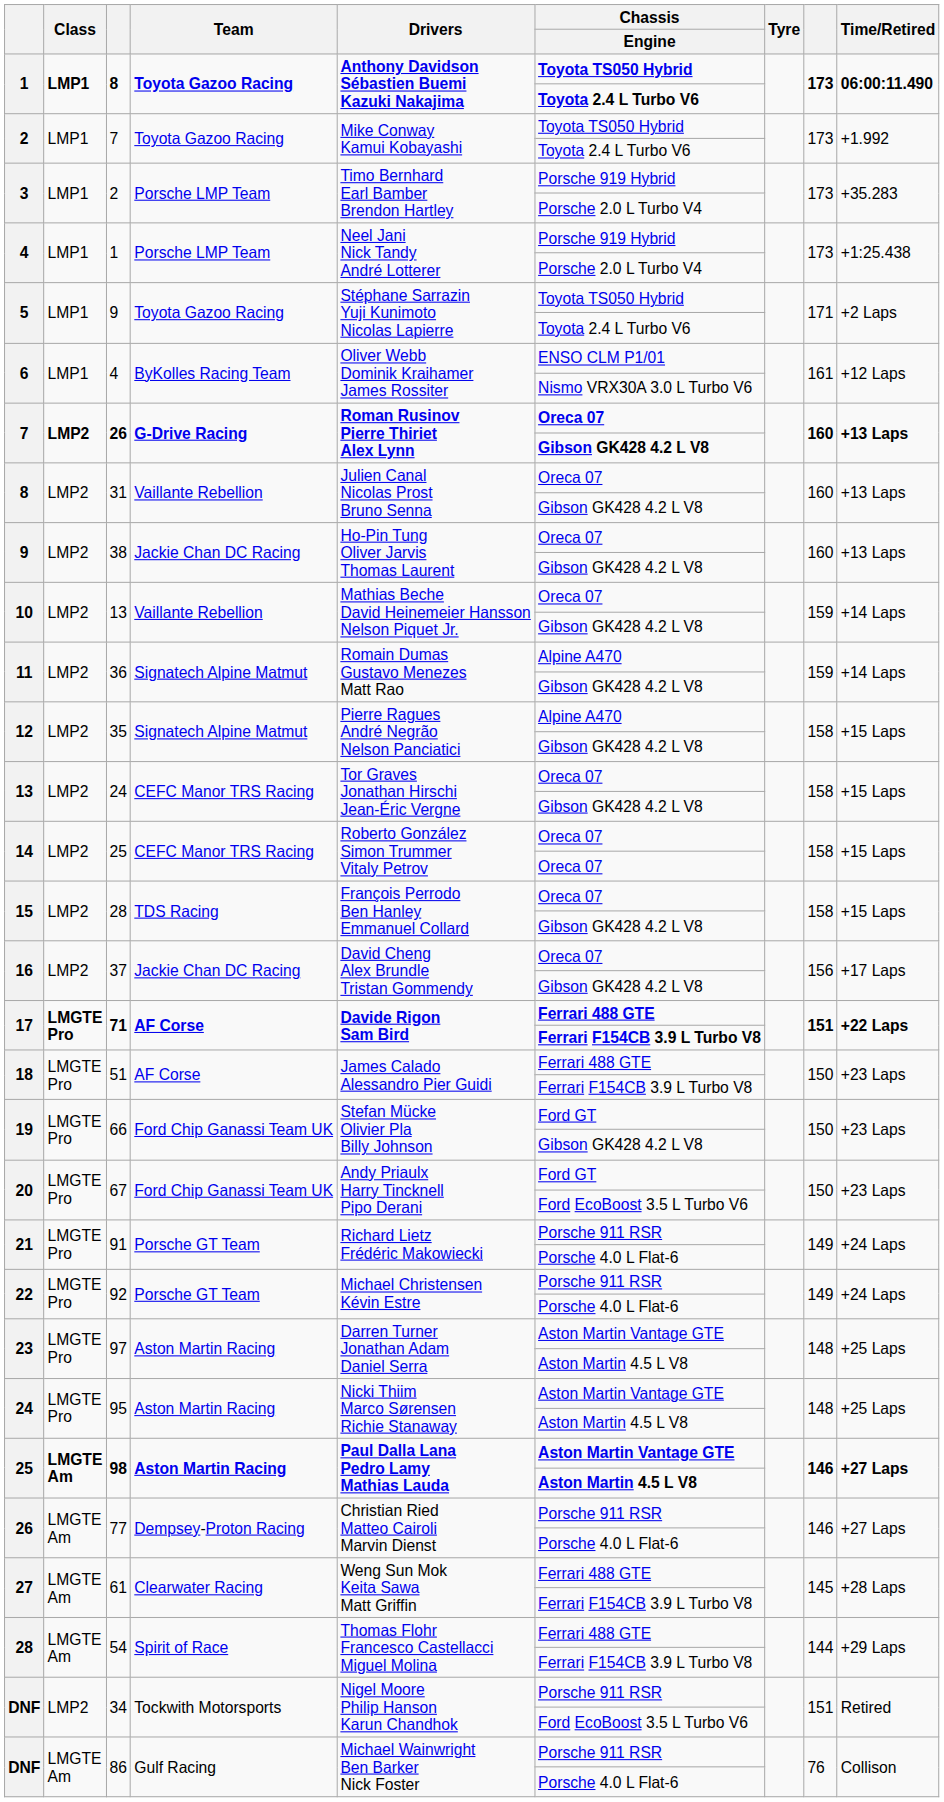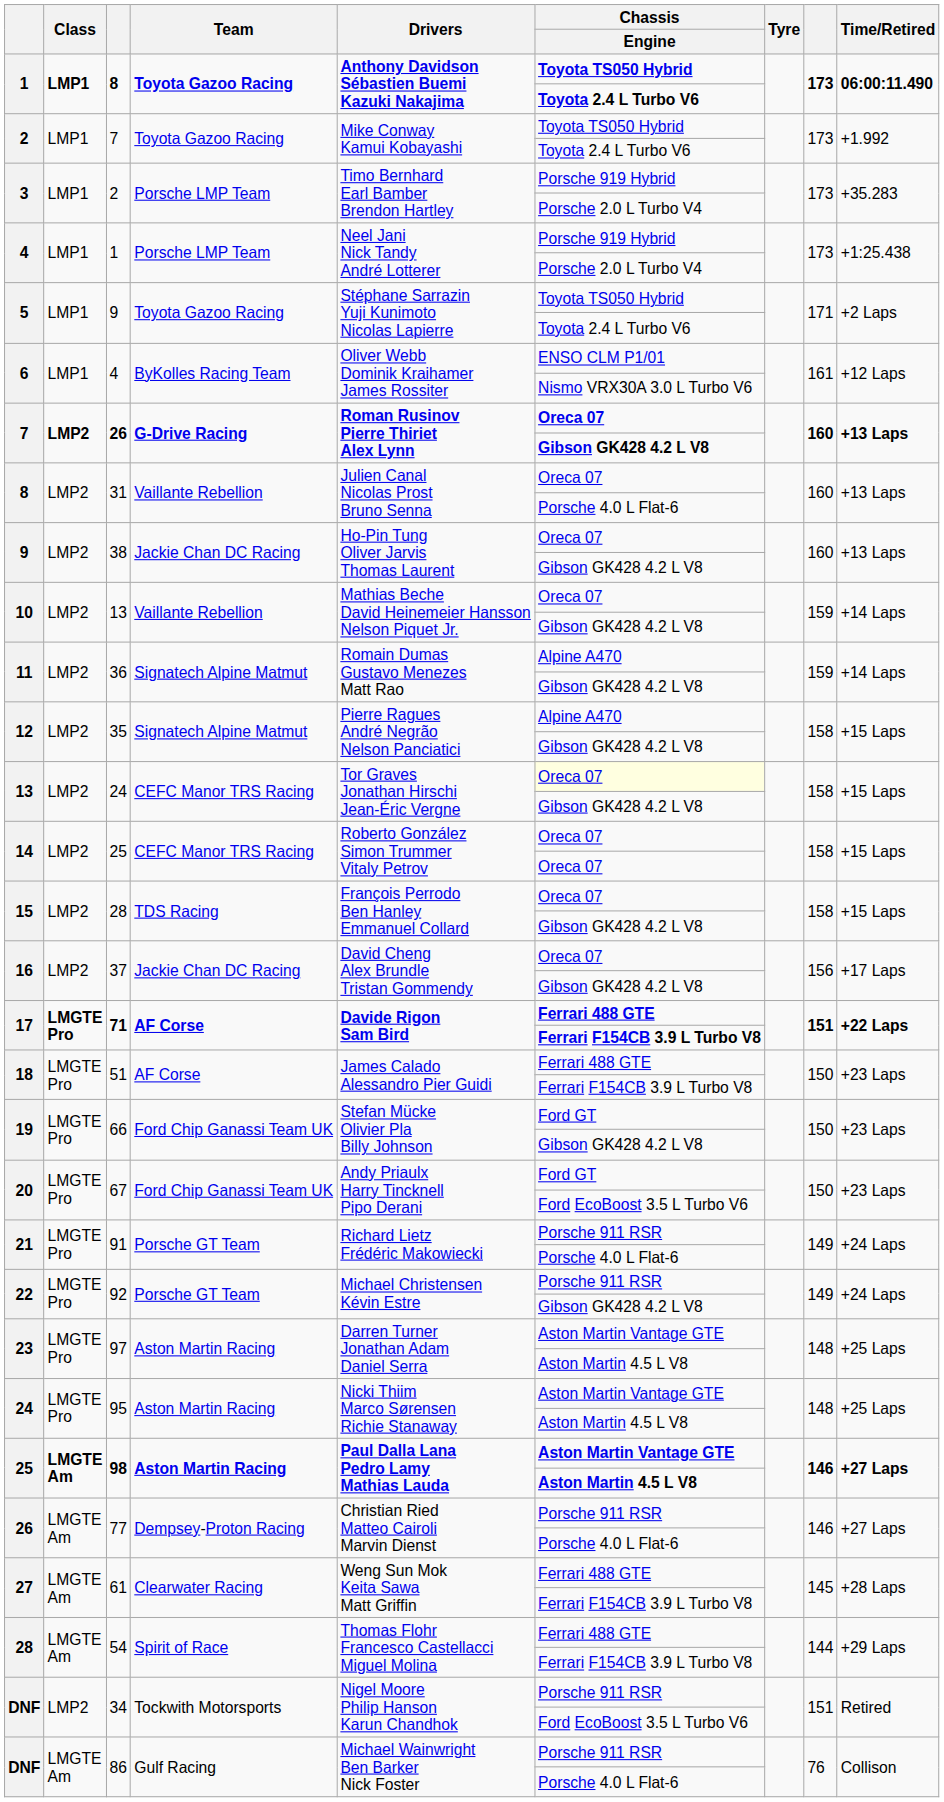 <table class="wikitable" style="font-size: 95%;">
 <tr>
 <th rowspan=2></th>
 <th rowspan=2>Class</th>
 <th rowspan=2></th>
 <th rowspan=2>Team</th>
 <th rowspan=2>Drivers</th>
 <th scope="col">Chassis</th>
 <th rowspan=2>Tyre</th>
 <th rowspan=2></th>
 <th rowspan=2>Time/Retired</th>
 </tr>
 <tr>
 <th>Engine</th>
 </tr>
 <tr style="font-weight:bold">
 <th rowspan=2>1</th>
 <td rowspan=2>LMP1</td>
 <td rowspan=2>8</td>
 <td rowspan=2> <a href='#'>Toyota Gazoo Racing</a></td>
 <td rowspan=2> <a href='#'>Anthony Davidson</a><br> <a href='#'>Sébastien Buemi</a><br> <a href='#'>Kazuki Nakajima</a></td>
 <td><a href='#'>Toyota TS050 Hybrid</a></td>
 <td rowspan=2></td>
 <td rowspan=2>173</td>
 <td rowspan=2>06:00:11.490</td>
 </tr>
 <tr style="font-weight:bold">
 <td><a href='#'>Toyota</a> 2.4 L Turbo V6</td>
 </tr>
 <tr>
 <th rowspan=2>2</th>
 <td rowspan=2>LMP1</td>
 <td rowspan=2>7</td>
 <td rowspan=2> <a href='#'>Toyota Gazoo Racing</a></td>
 <td rowspan=2> <a href='#'>Mike Conway</a><br> <a href='#'>Kamui Kobayashi</a></td>
 <td><a href='#'>Toyota TS050 Hybrid</a></td>
 <td rowspan=2></td>
 <td rowspan=2>173</td>
 <td rowspan=2>+1.992</td>
 </tr>
 <tr>
 <td><a href='#'>Toyota</a> 2.4 L Turbo V6</td>
 </tr>
 <tr>
 <th rowspan=2>3</th>
 <td rowspan=2>LMP1</td>
 <td rowspan=2>2</td>
 <td rowspan=2> <a href='#'>Porsche LMP Team</a></td>
 <td rowspan=2> <a href='#'>Timo Bernhard</a><br> <a href='#'>Earl Bamber</a><br> <a href='#'>Brendon Hartley</a></td>
 <td><a href='#'>Porsche 919 Hybrid</a></td>
 <td rowspan=2></td>
 <td rowspan=2>173</td>
 <td rowspan=2>+35.283</td>
 </tr>
 <tr>
 <td><a href='#'>Porsche</a> 2.0 L Turbo V4</td>
 </tr>
 <tr>
 <th rowspan=2>4</th>
 <td rowspan=2>LMP1</td>
 <td rowspan=2>1</td>
 <td rowspan=2> <a href='#'>Porsche LMP Team</a></td>
 <td rowspan=2> <a href='#'>Neel Jani</a><br> <a href='#'>Nick Tandy</a><br> <a href='#'>André Lotterer</a></td>
 <td><a href='#'>Porsche 919 Hybrid</a></td>
 <td rowspan=2></td>
 <td rowspan=2>173</td>
 <td rowspan=2>+1:25.438</td>
 </tr>
 <tr>
 <td><a href='#'>Porsche</a> 2.0 L Turbo V4</td>
 </tr>
 <tr>
 <th rowspan=2>5</th>
 <td rowspan=2>LMP1</td>
 <td rowspan=2>9</td>
 <td rowspan=2> <a href='#'>Toyota Gazoo Racing</a></td>
 <td rowspan=2> <a href='#'>Stéphane Sarrazin</a><br> <a href='#'>Yuji Kunimoto</a><br> <a href='#'>Nicolas Lapierre</a></td>
 <td><a href='#'>Toyota TS050 Hybrid</a></td>
 <td rowspan=2></td>
 <td rowspan=2>171</td>
 <td rowspan=2>+2 Laps</td>
 </tr>
 <tr>
 <td><a href='#'>Toyota</a> 2.4 L Turbo V6</td>
 </tr>
 <tr>
 <th rowspan=2>6</th>
 <td rowspan=2>LMP1</td>
 <td rowspan=2>4</td>
 <td rowspan=2> <a href='#'>ByKolles Racing Team</a></td>
 <td rowspan=2> <a href='#'>Oliver Webb</a><br> <a href='#'>Dominik Kraihamer</a><br> <a href='#'>James Rossiter</a></td>
 <td><a href='#'>ENSO CLM P1/01</a></td>
 <td rowspan=2></td>
 <td rowspan=2>161</td>
 <td rowspan=2>+12 Laps</td>
 </tr>
 <tr>
 <td><a href='#'>Nismo</a> VRX30A 3.0 L Turbo V6</td>
 </tr>
 <tr style="font-weight:bold">
 <th rowspan=2>7</th>
 <td rowspan=2>LMP2</td>
 <td rowspan=2>26</td>
 <td rowspan=2> <a href='#'>G-Drive Racing</a></td>
 <td rowspan=2> <a href='#'>Roman Rusinov</a><br> <a href='#'>Pierre Thiriet</a><br> <a href='#'>Alex Lynn</a></td>
 <td><a href='#'>Oreca 07</a></td>
 <td rowspan=2></td>
 <td rowspan=2>160</td>
 <td rowspan=2>+13 Laps</td>
 </tr>
 <tr style="font-weight:bold">
 <td><a href='#'>Gibson</a> GK428 4.2 L V8</td>
 </tr>
 <tr>
 <th rowspan=2>8</th>
 <td rowspan=2>LMP2</td>
 <td rowspan=2>31</td>
 <td rowspan=2> <a href='#'>Vaillante Rebellion</a></td>
 <td rowspan=2> <a href='#'>Julien Canal</a><br> <a href='#'>Nicolas Prost</a><br> <a href='#'>Bruno Senna</a></td>
 <td><a href='#'>Oreca 07</a></td>
 <td rowspan=2></td>
 <td rowspan=2>160</td>
 <td rowspan=2>+13 Laps</td>
 </tr>
 <tr>
-<td><a href='#'>Gibson</a> GK428 4.2 L V8</td>
+<td><a href='#'>Porsche</a> 4.0 L Flat-6</td>
 </tr>
 <tr>
 <th rowspan=2>9</th>
 <td rowspan=2>LMP2</td>
 <td rowspan=2>38</td>
 <td rowspan=2> <a href='#'>Jackie Chan DC Racing</a></td>
 <td rowspan=2> <a href='#'>Ho-Pin Tung</a><br> <a href='#'>Oliver Jarvis</a><br> <a href='#'>Thomas Laurent</a></td>
 <td><a href='#'>Oreca 07</a></td>
 <td rowspan=2></td>
 <td rowspan=2>160</td>
 <td rowspan=2>+13 Laps</td>
 </tr>
 <tr>
 <td><a href='#'>Gibson</a> GK428 4.2 L V8</td>
 </tr>
 <tr>
 <th rowspan=2>10</th>
 <td rowspan=2>LMP2</td>
 <td rowspan=2>13</td>
 <td rowspan=2> <a href='#'>Vaillante Rebellion</a></td>
 <td rowspan=2> <a href='#'>Mathias Beche</a><br> <a href='#'>David Heinemeier Hansson</a><br> <a href='#'>Nelson Piquet Jr.</a></td>
 <td><a href='#'>Oreca 07</a></td>
 <td rowspan=2></td>
 <td rowspan=2>159</td>
 <td rowspan=2>+14 Laps</td>
 </tr>
 <tr>
 <td><a href='#'>Gibson</a> GK428 4.2 L V8</td>
 </tr>
 <tr>
 <th rowspan=2>11</th>
 <td rowspan=2>LMP2</td>
 <td rowspan=2>36</td>
 <td rowspan=2> <a href='#'>Signatech Alpine Matmut</a></td>
 <td rowspan=2> <a href='#'>Romain Dumas</a><br> <a href='#'>Gustavo Menezes</a><br> Matt Rao</td>
 <td><a href='#'>Alpine A470</a></td>
 <td rowspan=2></td>
 <td rowspan=2>159</td>
 <td rowspan=2>+14 Laps</td>
 </tr>
 <tr>
 <td><a href='#'>Gibson</a> GK428 4.2 L V8</td>
 </tr>
 <tr>
 <th rowspan=2>12</th>
 <td rowspan=2>LMP2</td>
 <td rowspan=2>35</td>
 <td rowspan=2> <a href='#'>Signatech Alpine Matmut</a></td>
 <td rowspan=2> <a href='#'>Pierre Ragues</a><br> <a href='#'>André Negrão</a><br> <a href='#'>Nelson Panciatici</a></td>
 <td><a href='#'>Alpine A470</a></td>
 <td rowspan=2></td>
 <td rowspan=2>158</td>
 <td rowspan=2>+15 Laps</td>
 </tr>
 <tr>
 <td><a href='#'>Gibson</a> GK428 4.2 L V8</td>
 </tr>
 <tr>
 <th rowspan=2>13</th>
 <td rowspan=2>LMP2</td>
 <td rowspan=2>24</td>
 <td rowspan=2> <a href='#'>CEFC Manor TRS Racing</a></td>
 <td rowspan=2> <a href='#'>Tor Graves</a><br> <a href='#'>Jonathan Hirschi</a><br> <a href='#'>Jean-Éric Vergne</a></td>
-<td><a href='#'>Oreca 07</a></td>
+<td style="background: lightyellow;"><a href='#'>Oreca 07</a></td>
 <td rowspan=2></td>
 <td rowspan=2>158</td>
 <td rowspan=2>+15 Laps</td>
 </tr>
 <tr>
 <td><a href='#'>Gibson</a> GK428 4.2 L V8</td>
 </tr>
 <tr>
 <th rowspan=2>14</th>
 <td rowspan=2>LMP2</td>
 <td rowspan=2>25</td>
 <td rowspan=2> <a href='#'>CEFC Manor TRS Racing</a></td>
 <td rowspan=2> <a href='#'>Roberto González</a><br> <a href='#'>Simon Trummer</a><br> <a href='#'>Vitaly Petrov</a></td>
 <td><a href='#'>Oreca 07</a></td>
 <td rowspan=2></td>
 <td rowspan=2>158</td>
 <td rowspan=2>+15 Laps</td>
 </tr>
 <tr>
 <td><a href='#'>Oreca 07</a></td>
 </tr>
 <tr>
 <th rowspan=2>15</th>
 <td rowspan=2>LMP2</td>
 <td rowspan=2>28</td>
 <td rowspan=2> <a href='#'>TDS Racing</a></td>
 <td rowspan=2> <a href='#'>François Perrodo</a><br> <a href='#'>Ben Hanley</a><br> <a href='#'>Emmanuel Collard</a></td>
 <td><a href='#'>Oreca 07</a></td>
 <td rowspan=2></td>
 <td rowspan=2>158</td>
 <td rowspan=2>+15 Laps</td>
 </tr>
 <tr>
 <td><a href='#'>Gibson</a> GK428 4.2 L V8</td>
 </tr>
 <tr>
 <th rowspan=2>16</th>
 <td rowspan=2>LMP2</td>
 <td rowspan=2>37</td>
 <td rowspan=2> <a href='#'>Jackie Chan DC Racing</a></td>
 <td rowspan=2> <a href='#'>David Cheng</a><br> <a href='#'>Alex Brundle</a><br> <a href='#'>Tristan Gommendy</a></td>
 <td><a href='#'>Oreca 07</a></td>
 <td rowspan=2></td>
 <td rowspan=2>156</td>
 <td rowspan=2>+17 Laps</td>
 </tr>
 <tr>
 <td><a href='#'>Gibson</a> GK428 4.2 L V8</td>
 </tr>
 <tr style="font-weight:bold">
 <th rowspan=2>17</th>
 <td rowspan=2>LMGTE<br>Pro</td>
 <td rowspan=2>71</td>
 <td rowspan=2> <a href='#'>AF Corse</a></td>
 <td rowspan=2> <a href='#'>Davide Rigon</a><br> <a href='#'>Sam Bird</a></td>
 <td><a href='#'>Ferrari 488 GTE</a></td>
 <td rowspan=2></td>
 <td rowspan=2>151</td>
 <td rowspan=2>+22 Laps</td>
 </tr>
 <tr style="font-weight:bold">
 <td><a href='#'>Ferrari</a> <a href='#'>F154CB</a> 3.9 L Turbo V8</td>
 </tr>
 <tr>
 <th rowspan=2>18</th>
 <td rowspan=2>LMGTE<br>Pro</td>
 <td rowspan=2>51</td>
 <td rowspan=2> <a href='#'>AF Corse</a></td>
 <td rowspan=2> <a href='#'>James Calado</a><br> <a href='#'>Alessandro Pier Guidi</a></td>
 <td><a href='#'>Ferrari 488 GTE</a></td>
 <td rowspan=2></td>
 <td rowspan=2>150</td>
 <td rowspan=2>+23 Laps</td>
 </tr>
 <tr>
 <td><a href='#'>Ferrari</a> <a href='#'>F154CB</a> 3.9 L Turbo V8</td>
 </tr>
 <tr>
 <th rowspan=2>19</th>
 <td rowspan=2>LMGTE<br>Pro</td>
 <td rowspan=2>66</td>
 <td rowspan=2> <a href='#'>Ford Chip Ganassi Team UK</a></td>
 <td rowspan=2> <a href='#'>Stefan Mücke</a><br> <a href='#'>Olivier Pla</a><br> <a href='#'>Billy Johnson</a></td>
 <td><a href='#'>Ford GT</a></td>
 <td rowspan=2></td>
 <td rowspan=2>150</td>
 <td rowspan=2>+23 Laps</td>
 </tr>
 <tr>
 <td><a href='#'>Gibson</a> GK428 4.2 L V8</td>
 </tr>
 <tr>
 <th rowspan=2>20</th>
 <td rowspan=2>LMGTE<br>Pro</td>
 <td rowspan=2>67</td>
 <td rowspan=2> <a href='#'>Ford Chip Ganassi Team UK</a></td>
 <td rowspan=2> <a href='#'>Andy Priaulx</a><br> <a href='#'>Harry Tincknell</a><br> <a href='#'>Pipo Derani</a></td>
 <td><a href='#'>Ford GT</a></td>
 <td rowspan=2></td>
 <td rowspan=2>150</td>
 <td rowspan=2>+23 Laps</td>
 </tr>
 <tr>
 <td><a href='#'>Ford</a> <a href='#'>EcoBoost</a> 3.5 L Turbo V6</td>
 </tr>
 <tr>
 <th rowspan=2>21</th>
 <td rowspan=2>LMGTE<br>Pro</td>
 <td rowspan=2>91</td>
 <td rowspan=2> <a href='#'>Porsche GT Team</a></td>
 <td rowspan=2> <a href='#'>Richard Lietz</a><br> <a href='#'>Frédéric Makowiecki</a></td>
 <td><a href='#'>Porsche 911 RSR</a></td>
 <td rowspan=2></td>
 <td rowspan=2>149</td>
 <td rowspan=2>+24 Laps</td>
 </tr>
 <tr>
 <td><a href='#'>Porsche</a> 4.0 L Flat-6</td>
 </tr>
 <tr>
 <th rowspan=2>22</th>
 <td rowspan=2>LMGTE<br>Pro</td>
 <td rowspan=2>92</td>
 <td rowspan=2> <a href='#'>Porsche GT Team</a></td>
 <td rowspan=2> <a href='#'>Michael Christensen</a><br> <a href='#'>Kévin Estre</a></td>
 <td><a href='#'>Porsche 911 RSR</a></td>
 <td rowspan=2></td>
 <td rowspan=2>149</td>
 <td rowspan=2>+24 Laps</td>
 </tr>
 <tr>
-<td><a href='#'>Porsche</a> 4.0 L Flat-6</td>
+<td><a href='#'>Gibson</a> GK428 4.2 L V8</td>
 </tr>
 <tr>
 <th rowspan=2>23</th>
 <td rowspan=2>LMGTE<br>Pro</td>
 <td rowspan=2>97</td>
 <td rowspan=2> <a href='#'>Aston Martin Racing</a></td>
 <td rowspan=2> <a href='#'>Darren Turner</a><br> <a href='#'>Jonathan Adam</a><br> <a href='#'>Daniel Serra</a></td>
 <td><a href='#'>Aston Martin Vantage GTE</a></td>
 <td rowspan=2></td>
 <td rowspan=2>148</td>
 <td rowspan=2>+25 Laps</td>
 </tr>
 <tr>
 <td><a href='#'>Aston Martin</a> 4.5 L V8</td>
 </tr>
 <tr>
 <th rowspan=2>24</th>
 <td rowspan=2>LMGTE<br>Pro</td>
 <td rowspan=2>95</td>
 <td rowspan=2> <a href='#'>Aston Martin Racing</a></td>
 <td rowspan=2> <a href='#'>Nicki Thiim</a><br> <a href='#'>Marco Sørensen</a><br> <a href='#'>Richie Stanaway</a></td>
 <td><a href='#'>Aston Martin Vantage GTE</a></td>
 <td rowspan=2></td>
 <td rowspan=2>148</td>
 <td rowspan=2>+25 Laps</td>
 </tr>
 <tr>
 <td><a href='#'>Aston Martin</a> 4.5 L V8</td>
 </tr>
 <tr style="font-weight:bold">
 <th rowspan=2>25</th>
 <td rowspan=2>LMGTE<br>Am</td>
 <td rowspan=2>98</td>
 <td rowspan=2> <a href='#'>Aston Martin Racing</a></td>
 <td rowspan=2> <a href='#'>Paul Dalla Lana</a><br> <a href='#'>Pedro Lamy</a><br> <a href='#'>Mathias Lauda</a></td>
 <td><a href='#'>Aston Martin Vantage GTE</a></td>
 <td rowspan=2></td>
 <td rowspan=2>146</td>
 <td rowspan=2>+27 Laps</td>
 </tr>
 <tr style="font-weight:bold">
 <td><a href='#'>Aston Martin</a> 4.5 L V8</td>
 </tr>
 <tr>
 <th rowspan=2>26</th>
 <td rowspan=2>LMGTE<br>Am</td>
 <td rowspan=2>77</td>
 <td rowspan=2> <a href='#'>Dempsey</a>-<a href='#'>Proton Racing</a></td>
 <td rowspan=2> Christian Ried<br> <a href='#'>Matteo Cairoli</a><br> Marvin Dienst</td>
 <td><a href='#'>Porsche 911 RSR</a></td>
 <td rowspan=2></td>
 <td rowspan=2>146</td>
 <td rowspan=2>+27 Laps</td>
 </tr>
 <tr>
 <td><a href='#'>Porsche</a> 4.0 L Flat-6</td>
 </tr>
 <tr>
 <th rowspan=2>27</th>
 <td rowspan=2>LMGTE<br>Am</td>
 <td rowspan=2>61</td>
 <td rowspan=2> <a href='#'>Clearwater Racing</a></td>
 <td rowspan=2> Weng Sun Mok<br> <a href='#'>Keita Sawa</a><br> Matt Griffin</td>
 <td><a href='#'>Ferrari 488 GTE</a></td>
 <td rowspan=2></td>
 <td rowspan=2>145</td>
 <td rowspan=2>+28 Laps</td>
 </tr>
 <tr>
 <td><a href='#'>Ferrari</a> <a href='#'>F154CB</a> 3.9 L Turbo V8</td>
 </tr>
 <tr>
 <th rowspan=2>28</th>
 <td rowspan=2>LMGTE<br>Am</td>
 <td rowspan=2>54</td>
 <td rowspan=2> <a href='#'>Spirit of Race</a></td>
 <td rowspan=2> <a href='#'>Thomas Flohr</a><br> <a href='#'>Francesco Castellacci</a><br> <a href='#'>Miguel Molina</a></td>
 <td><a href='#'>Ferrari 488 GTE</a></td>
 <td rowspan=2></td>
 <td rowspan=2>144</td>
 <td rowspan=2>+29 Laps</td>
 </tr>
 <tr>
 <td><a href='#'>Ferrari</a> <a href='#'>F154CB</a> 3.9 L Turbo V8</td>
 </tr>
 <tr>
 <th rowspan=2>DNF</th>
 <td rowspan=2>LMP2</td>
 <td rowspan=2>34</td>
 <td rowspan=2> Tockwith Motorsports</td>
 <td rowspan=2> <a href='#'>Nigel Moore</a><br> <a href='#'>Philip Hanson</a><br> <a href='#'>Karun Chandhok</a></td>
 <td><a href='#'>Porsche 911 RSR</a></td>
 <td rowspan=2></td>
 <td rowspan=2>151</td>
 <td rowspan=2>Retired</td>
 </tr>
 <tr>
 <td><a href='#'>Ford</a> <a href='#'>EcoBoost</a> 3.5 L Turbo V6</td>
 </tr>
 <tr>
 <th rowspan=2>DNF</th>
 <td rowspan=2>LMGTE<br>Am</td>
 <td rowspan=2>86</td>
 <td rowspan=2> Gulf Racing</td>
 <td rowspan=2> <a href='#'>Michael Wainwright</a><br> <a href='#'>Ben Barker</a><br> Nick Foster</td>
 <td><a href='#'>Porsche 911 RSR</a></td>
 <td rowspan=2></td>
 <td rowspan=2>76</td>
 <td rowspan=2>Collison</td>
 </tr>
 <tr>
 <td><a href='#'>Porsche</a> 4.0 L Flat-6</td>
 </tr>
 </table>
